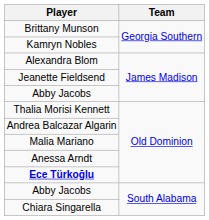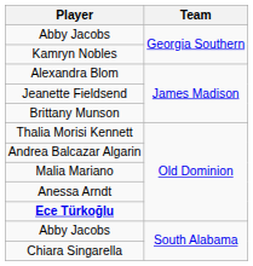 <table class="wikitable" style="text-align: center;">
 <tr>
 <th>Player</th>
 <th>Team</th>
 </tr>
 <tr>
-<td>Brittany Munson</td>
+<td>Abby Jacobs</td>
 <td rowspan=2><a href='#'>Georgia Southern</a></td>
 </tr>
 <tr>
 <td>Kamryn Nobles</td>
 </tr>
 <tr>
 <td>Alexandra Blom</td>
 <td rowspan=3><a href='#'>James Madison</a></td>
 </tr>
 <tr>
 <td>Jeanette Fieldsend</td>
 </tr>
 <tr>
-<td>Abby Jacobs</td>
+<td>Brittany Munson</td>
 </tr>
 <tr>
 <td>Thalia Morisi Kennett</td>
 <td rowspan=5><a href='#'>Old Dominion</a></td>
 </tr>
 <tr>
 <td>Andrea Balcazar Algarin</td>
 </tr>
 <tr>
 <td>Malia Mariano</td>
 </tr>
 <tr>
 <td>Anessa Arndt</td>
 </tr>
 <tr>
 <td><strong><a href='#'>Ece Türkoğlu</a></strong></td>
 </tr>
 <tr>
 <td>Abby Jacobs</td>
 <td rowspan=2><a href='#'>South Alabama</a></td>
 </tr>
 <tr>
 <td>Chiara Singarella</td>
 </tr>
 </table>
